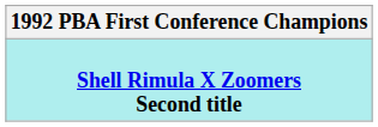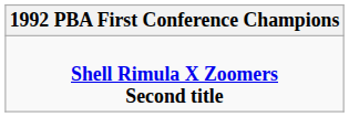 <table class=wikitable style="text-align:center; margin:auto">
 <tr>
 <th>1992 PBA First Conference Champions</th>
 </tr>
 <tr>
-<td style="background: paleturquoise;"><br> <strong><a href='#'>Shell Rimula X Zoomers</a></strong> <br> <strong>Second title</strong></td>
+<td><br> <strong><a href='#'>Shell Rimula X Zoomers</a></strong> <br> <strong>Second title</strong></td>
 </tr>
 </table>
